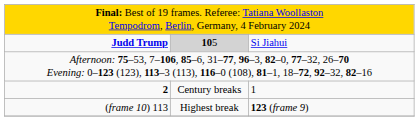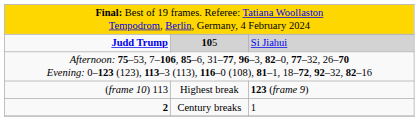 <table class="wikitable" style="font-size: 90%; margin: 1em auto 1em auto;">
 <tr>
 <td colspan = "3" align="center" bgcolor="#ffd700"><strong>Final:</strong> Best of 19 frames. Referee: <a href='#'>Tatiana Woollaston</a><br><a href='#'>Tempodrom</a>, <a href='#'>Berlin</a>, Germany, 4 February 2024</td>
 </tr>
 <tr>
 <td width="220" align="right"><strong><a href='#'>Judd Trump</a></strong><br></td>
 <td width="100" align="center" style="background: lightgrey;"><strong>10</strong>5</td>
-<td width="220"><a href='#'>Si Jiahui</a><br></td>
+<td width="220" style="background: lightgrey;"><a href='#'>Si Jiahui</a><br></td>
 </tr>
 <tr>
 <td colspan="3" align="center" style="font-size: 100%"><em>Afternoon:</em> <strong>75</strong>–‍53, 7–‍<strong>106</strong>, <strong>85</strong>–‍6, 31–‍<strong>77</strong>, <strong>96</strong>–‍3, <strong>82</strong>–‍0, <strong>77</strong>–‍32, 26–‍<strong>70</strong><br><em>Evening: </em>0–‍<strong>123</strong> (123), <strong>113</strong>–‍3 (113), <strong>116</strong>–‍0 (108), <strong>81</strong>–‍1, 18–‍<strong>72</strong>, <strong>92</strong>–‍32, <strong>82</strong>–‍16</td>
+</tr>
+<tr>
+<td align="right">(<em>frame 10</em>) 113</td>
+<td align="center">Highest break</td>
+<td><strong>123</strong> (<em>frame 9</em>)</td>
 </tr>
 <tr>
 <td align="right"><strong>2</strong></td>
 <td align="center">Century breaks</td>
 <td>1</td>
 </tr>
 <tr>
-<td align="right">(<em>frame 10</em>) 113</td>
-<td align="center">Highest break</td>
-<td><strong>123</strong> (<em>frame 9</em>)</td>
-</tr>
-<tr>
 </tr>
 </table>
